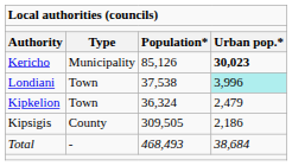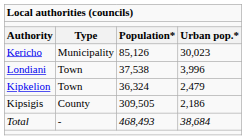 <table class="wikitable">
 <tr>
 <td colspan="4"><strong>Local authorities (councils)</strong></td>
 </tr>
 <tr>
 <td colspan="4"></td>
 </tr>
 <tr>
 <th>Authority</th>
 <th>Type</th>
 <th>Population*</th>
 <th>Urban pop.*</th>
 </tr>
 <tr>
 <td><a href='#'>Kericho</a></td>
 <td>Municipality</td>
 <td>85,126</td>
-<td><strong>30,023</strong></td>
+<td>30,023</td>
 </tr>
 <tr>
 <td><a href='#'>Londiani</a></td>
 <td>Town</td>
 <td>37,538</td>
-<td style="background: paleturquoise;">3,996</td>
+<td>3,996</td>
 </tr>
 <tr>
 <td><a href='#'>Kipkelion</a></td>
 <td>Town</td>
 <td>36,324</td>
 <td>2,479</td>
 </tr>
 <tr>
 <td>Kipsigis</td>
 <td>County</td>
 <td>309,505</td>
 <td>2,186</td>
 </tr>
 <tr>
 <td><em>Total</em></td>
 <td>-</td>
 <td><em>468,493</em></td>
 <td><em>38,684</em></td>
 </tr>
 <tr>
 <td colspan="4"></td>
 </tr>
 </table>
